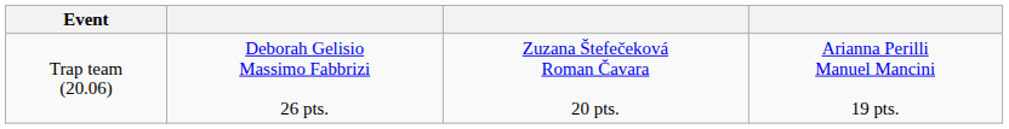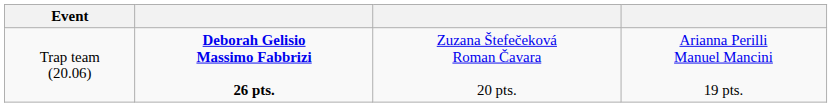 <table class="wikitable" width=70% style="font-size:100%; text-align:center;">
 <tr>
 <th>Event</th>
 <th></th>
 <th></th>
 <th></th>
 </tr>
 <tr>
 <td>Trap team <br> (20.06)</td>
-<td><a href='#'>Deborah Gelisio</a> <br><a href='#'>Massimo Fabbrizi</a> <br>  <br> 26 pts.</td>
+<td><strong><a href='#'>Deborah Gelisio</a> <br><a href='#'>Massimo Fabbrizi</a> <br>  <br> 26 pts.</strong></td>
 <td><a href='#'>Zuzana Štefečeková</a> <br><a href='#'>Roman Čavara</a> <br>  <br> 20 pts.</td>
 <td><a href='#'>Arianna Perilli</a> <br><a href='#'>Manuel Mancini</a> <br>  <br> 19 pts.</td>
 </tr>
 </table>
